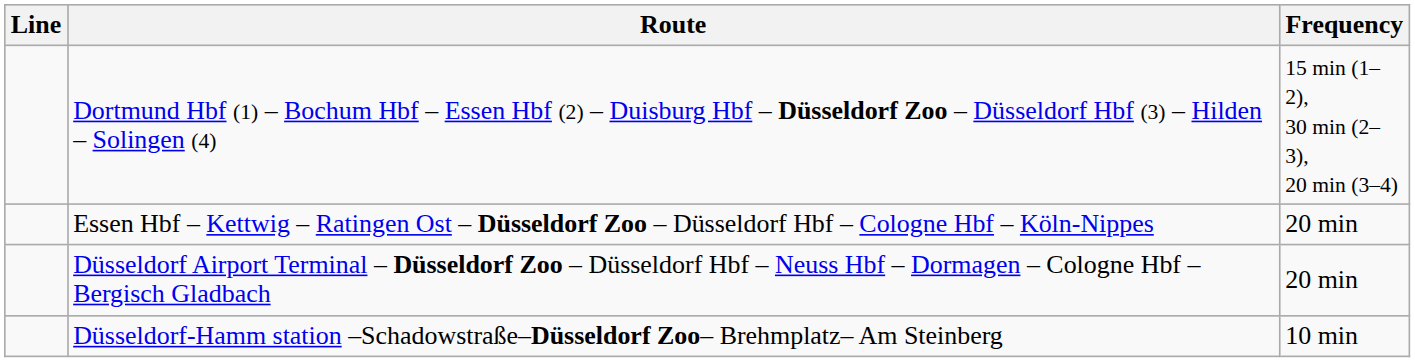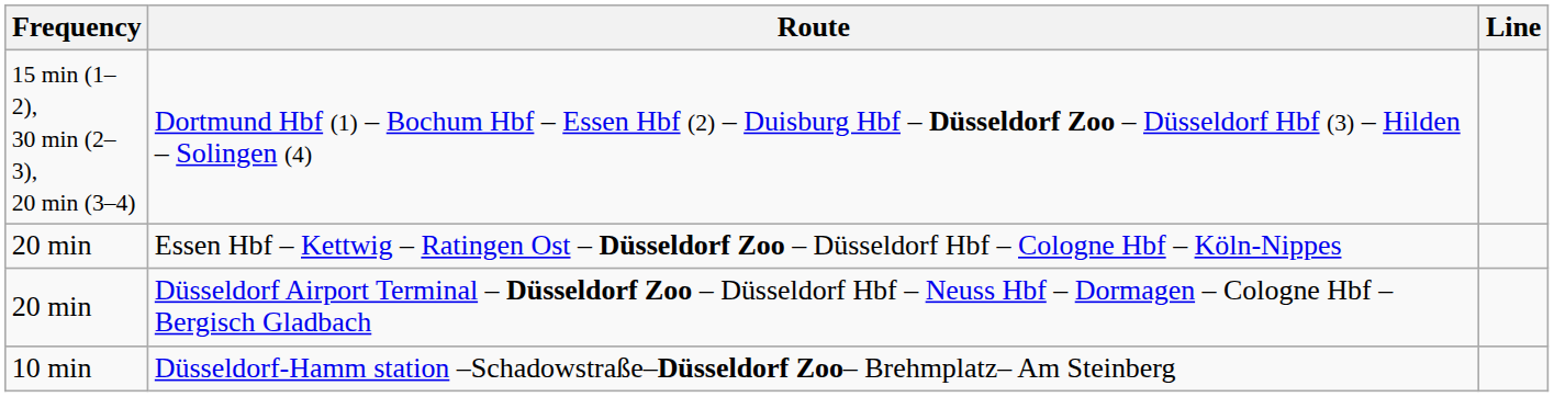 <table class="wikitable">
 <tr>
+<th>Frequency</th>
+<th>Route</th>
 <th>Line</th>
-<th>Route</th>
-<th>Frequency</th>
 </tr>
 <tr>
+<td><small>15 min (1–2),<br>30 min (2–3),<br>20 min (3–4)</small></td>
+<td><a href='#'>Dortmund Hbf</a> <small>(1)</small> – <a href='#'>Bochum Hbf</a> – <a href='#'>Essen Hbf</a> <small>(2)</small> – <a href='#'>Duisburg Hbf</a> – <strong>Düsseldorf Zoo</strong> – <a href='#'>Düsseldorf Hbf</a> <small>(3)</small> – <a href='#'>Hilden</a>  – <a href='#'>Solingen</a> <small>(4)</small></td>
 <td></td>
-<td><a href='#'>Dortmund Hbf</a> <small>(1)</small> – <a href='#'>Bochum Hbf</a> – <a href='#'>Essen Hbf</a> <small>(2)</small> – <a href='#'>Duisburg Hbf</a> – <strong>Düsseldorf Zoo</strong> – <a href='#'>Düsseldorf Hbf</a> <small>(3)</small> – <a href='#'>Hilden</a>  – <a href='#'>Solingen</a> <small>(4)</small></td>
-<td><small>15 min (1–2),<br>30 min (2–3),<br>20 min (3–4)</small></td>
 </tr>
 <tr>
+<td>20 min</td>
+<td>Essen Hbf – <a href='#'>Kettwig</a> – <a href='#'>Ratingen Ost</a> – <strong>Düsseldorf Zoo</strong> – Düsseldorf Hbf – <a href='#'>Cologne Hbf</a> – <a href='#'>Köln-Nippes</a></td>
 <td></td>
-<td>Essen Hbf – <a href='#'>Kettwig</a> – <a href='#'>Ratingen Ost</a> – <strong>Düsseldorf Zoo</strong> – Düsseldorf Hbf – <a href='#'>Cologne Hbf</a> – <a href='#'>Köln-Nippes</a></td>
-<td>20 min</td>
 </tr>
 <tr>
+<td>20 min</td>
+<td><a href='#'>Düsseldorf Airport Terminal</a> – <strong>Düsseldorf Zoo</strong> – Düsseldorf Hbf – <a href='#'>Neuss Hbf</a> – <a href='#'>Dormagen</a> – Cologne Hbf – <a href='#'>Bergisch Gladbach</a></td>
 <td></td>
-<td><a href='#'>Düsseldorf Airport Terminal</a> – <strong>Düsseldorf Zoo</strong> – Düsseldorf Hbf – <a href='#'>Neuss Hbf</a> – <a href='#'>Dormagen</a> – Cologne Hbf – <a href='#'>Bergisch Gladbach</a></td>
-<td>20 min</td>
 </tr>
 <tr>
+<td>10 min</td>
+<td><a href='#'>Düsseldorf-Hamm station</a> –Schadowstraße–<strong>Düsseldorf Zoo</strong>– Brehmplatz– Am Steinberg</td>
 <td></td>
-<td><a href='#'>Düsseldorf-Hamm station</a> –Schadowstraße–<strong>Düsseldorf Zoo</strong>– Brehmplatz– Am Steinberg</td>
-<td>10 min</td>
 </tr>
 </table>
